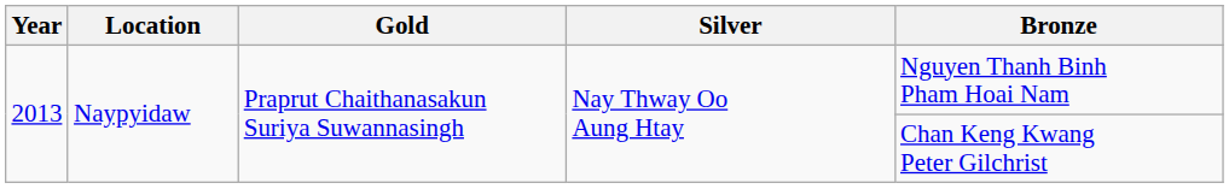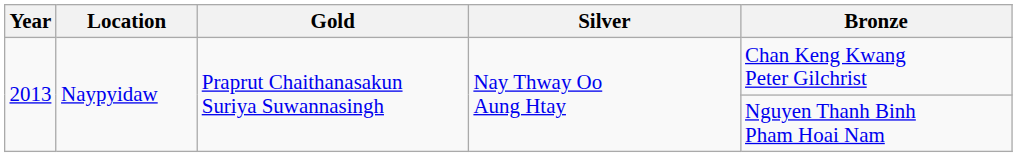 <table class="wikitable">
 <tr>
 <th>Year</th>
 <th width="100">Location</th>
 <th width="200">Gold</th>
 <th width="200">Silver</th>
 <th width="200">Bronze</th>
 </tr>
 <tr>
 <td rowspan=2><a href='#'>2013</a></td>
 <td rowspan=2> <a href='#'>Naypyidaw</a></td>
 <td rowspan=2> <a href='#'>Praprut Chaithanasakun</a><br> <a href='#'>Suriya Suwannasingh</a></td>
 <td rowspan=2> <a href='#'>Nay Thway Oo</a><br> <a href='#'>Aung Htay</a></td>
+<td> <a href='#'>Chan Keng Kwang</a><br> <a href='#'>Peter Gilchrist</a></td>
+</tr>
+<tr>
 <td> <a href='#'>Nguyen Thanh Binh</a><br> <a href='#'>Pham Hoai Nam</a></td>
 </tr>
-<tr>
-<td> <a href='#'>Chan Keng Kwang</a><br> <a href='#'>Peter Gilchrist</a></td>
-</tr>
 </table>
